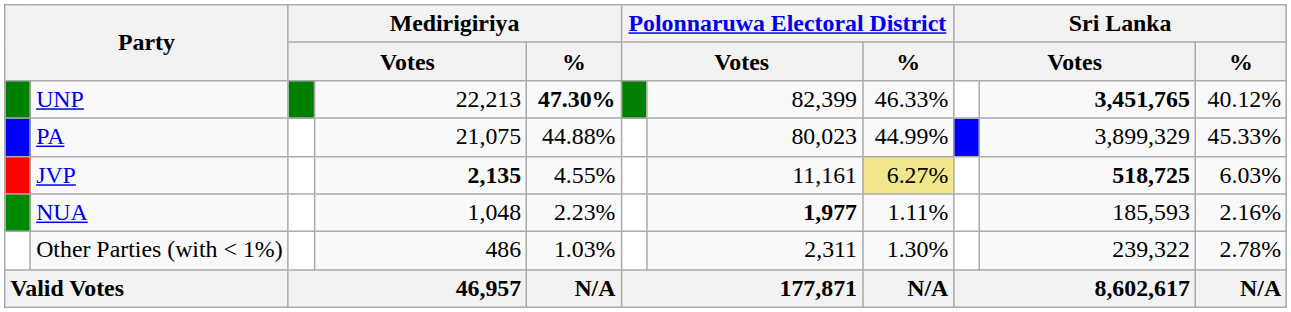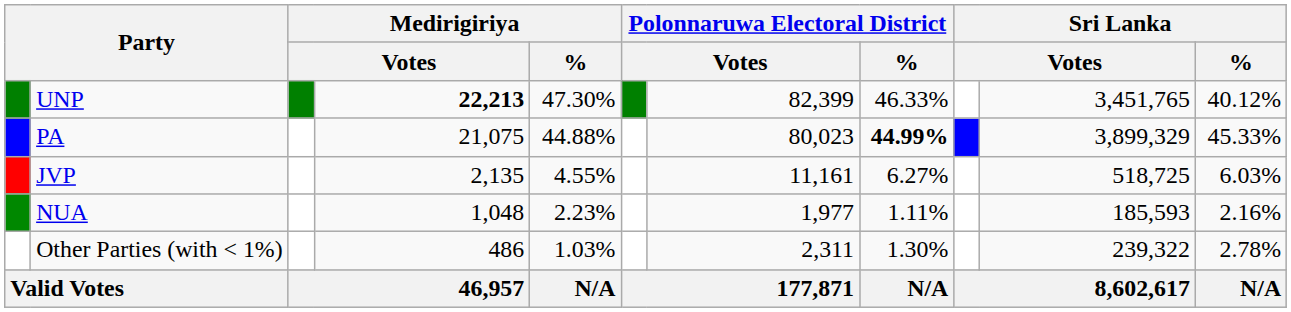 <table class="wikitable">
 <tr>
 <th colspan="2" width="144px"rowspan="2">Party</th>
 <th colspan="3" width="216px">Medirigiriya</th>
 <th colspan="3" width="216px"><a href='#'>Polonnaruwa Electoral District</a></th>
 <th colspan="3" width="216px">Sri Lanka</th>
 </tr>
 <tr>
 <th colspan="2" width="144px">Votes</th>
 <th>%</th>
 <th colspan="2" width="144px">Votes</th>
 <th>%</th>
 <th colspan="2" width="144px">Votes</th>
 <th>%</th>
 </tr>
 <tr>
 <td style="background-color:green;" width="10px"></td>
 <td style="text-align:left;"><a href='#'>UNP</a></td>
 <td style="background-color:green;" width="10px"></td>
-<td style="text-align:right;">22,213</td>
-<td style="text-align:right;"><strong>47.30%</strong></td>
+<td style="text-align:right;"><strong>22,213</strong></td>
+<td style="text-align:right;">47.30%</td>
 <td style="background-color:green;" width="10px"></td>
 <td style="text-align:right;">82,399</td>
 <td style="text-align:right;">46.33%</td>
 <td style="background-color:white;" width="10px"></td>
-<td style="text-align:right;"><strong>3,451,765</strong></td>
+<td style="text-align:right;">3,451,765</td>
 <td style="text-align:right;">40.12%</td>
 </tr>
 <tr>
 <td style="background-color:blue;" width="10px"></td>
 <td style="text-align:left;"><a href='#'>PA</a></td>
 <td style="background-color:white;" width="10px"></td>
 <td style="text-align:right;">21,075</td>
 <td style="text-align:right;">44.88%</td>
 <td style="background-color:white;" width="10px"></td>
 <td style="text-align:right;">80,023</td>
-<td style="text-align:right;">44.99%</td>
+<td style="text-align:right;"><strong>44.99%</strong></td>
 <td style="background-color:blue;" width="10px"></td>
 <td style="text-align:right;">3,899,329</td>
 <td style="text-align:right;">45.33%</td>
 </tr>
 <tr>
 <td style="background-color:red;" width="10px"></td>
 <td style="text-align:left;"><a href='#'>JVP</a></td>
 <td style="background-color:white;" width="10px"></td>
-<td style="text-align:right;"><strong>2,135</strong></td>
+<td style="text-align:right;">2,135</td>
 <td style="text-align:right;">4.55%</td>
 <td style="background-color:white;" width="10px"></td>
 <td style="text-align:right;">11,161</td>
-<td style="background: khaki; text-align:right;">6.27%</td>
+<td style="text-align:right;">6.27%</td>
 <td style="background-color:white;" width="10px"></td>
-<td style="text-align:right;"><strong>518,725</strong></td>
+<td style="text-align:right;">518,725</td>
 <td style="text-align:right;">6.03%</td>
 </tr>
 <tr>
 <td style="background-color:#008800;" width="10px"></td>
 <td style="text-align:left;"><a href='#'>NUA</a></td>
 <td style="background-color:white;" width="10px"></td>
 <td style="text-align:right;">1,048</td>
 <td style="text-align:right;">2.23%</td>
 <td style="background-color:white;" width="10px"></td>
-<td style="text-align:right;"><strong>1,977</strong></td>
+<td style="text-align:right;">1,977</td>
 <td style="text-align:right;">1.11%</td>
 <td style="background-color:white;" width="10px"></td>
 <td style="text-align:right;">185,593</td>
 <td style="text-align:right;">2.16%</td>
 </tr>
 <tr>
 <td style="background-color:white;" width="10px"></td>
 <td style="text-align:left;">Other Parties (with < 1%)</td>
 <td style="background-color:white;" width="10px"></td>
 <td style="text-align:right;">486</td>
 <td style="text-align:right;">1.03%</td>
 <td style="background-color:white;" width="10px"></td>
 <td style="text-align:right;">2,311</td>
 <td style="text-align:right;">1.30%</td>
 <td style="background-color:white;" width="10px"></td>
 <td style="text-align:right;">239,322</td>
 <td style="text-align:right;">2.78%</td>
 </tr>
 <tr>
 <th colspan="2" width="144px"style="text-align:left;">Valid Votes</th>
 <th style="text-align:right;"colspan="2" width="144px">46,957</th>
 <th style="text-align:right;">N/A</th>
 <th style="text-align:right;"colspan="2" width="144px">177,871</th>
 <th style="text-align:right;">N/A</th>
 <th style="text-align:right;"colspan="2" width="144px">8,602,617</th>
 <th style="text-align:right;">N/A</th>
 </tr>
 </table>
